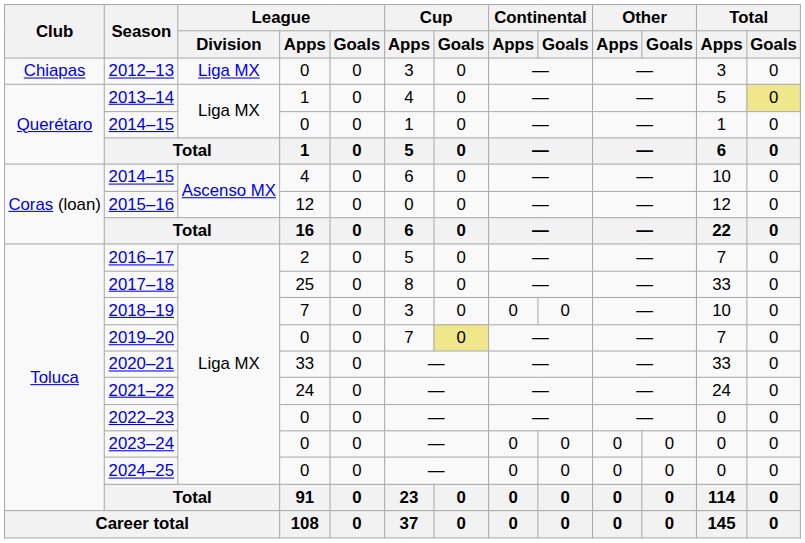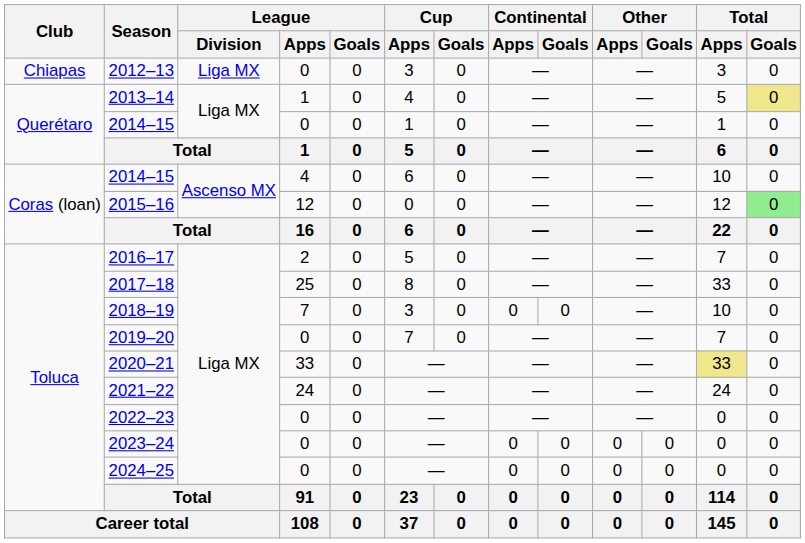 <table class="wikitable" style="text-align:center">
 <tr>
 <th rowspan="2">Club</th>
 <th rowspan="2">Season</th>
 <th colspan="3">League</th>
 <th colspan="2">Cup</th>
 <th colspan="2">Continental</th>
 <th colspan="2">Other</th>
 <th colspan="2">Total</th>
 </tr>
 <tr>
 <th>Division</th>
 <th>Apps</th>
 <th>Goals</th>
 <th>Apps</th>
 <th>Goals</th>
 <th>Apps</th>
 <th>Goals</th>
 <th>Apps</th>
 <th>Goals</th>
 <th>Apps</th>
 <th>Goals</th>
 </tr>
 <tr>
 <td><a href='#'>Chiapas</a></td>
 <td><a href='#'>2012–13</a></td>
 <td><a href='#'>Liga MX</a></td>
 <td>0</td>
 <td>0</td>
 <td>3</td>
 <td>0</td>
 <td colspan="2">—</td>
 <td colspan="2">—</td>
 <td>3</td>
 <td>0</td>
 </tr>
 <tr>
 <td rowspan="3"><a href='#'>Querétaro</a></td>
 <td><a href='#'>2013–14</a></td>
 <td rowspan="2">Liga MX</td>
 <td>1</td>
 <td>0</td>
 <td>4</td>
 <td>0</td>
 <td colspan="2">—</td>
 <td colspan="2">—</td>
 <td>5</td>
 <td style="background: khaki;">0</td>
 </tr>
 <tr>
 <td><a href='#'>2014–15</a></td>
 <td>0</td>
 <td>0</td>
 <td>1</td>
 <td>0</td>
 <td colspan="2">—</td>
 <td colspan="2">—</td>
 <td>1</td>
 <td>0</td>
 </tr>
 <tr>
 <th colspan="2">Total</th>
 <th>1</th>
 <th>0</th>
 <th>5</th>
 <th>0</th>
 <th colspan="2">—</th>
 <th colspan="2">—</th>
 <th>6</th>
 <th>0</th>
 </tr>
 <tr>
 <td rowspan="3"><a href='#'>Coras</a> (loan)</td>
 <td><a href='#'>2014–15</a></td>
 <td rowspan="2"><a href='#'>Ascenso MX</a></td>
 <td>4</td>
 <td>0</td>
 <td>6</td>
 <td>0</td>
 <td colspan="2">—</td>
 <td colspan="2">—</td>
 <td>10</td>
 <td>0</td>
 </tr>
 <tr>
 <td><a href='#'>2015–16</a></td>
 <td>12</td>
 <td>0</td>
 <td>0</td>
 <td>0</td>
 <td colspan="2">—</td>
 <td colspan="2">—</td>
 <td>12</td>
-<td>0</td>
+<td style="background: lightgreen;">0</td>
 </tr>
 <tr>
 <th colspan="2">Total</th>
 <th>16</th>
 <th>0</th>
 <th>6</th>
 <th>0</th>
 <th colspan="2">—</th>
 <th colspan="2">—</th>
 <th>22</th>
 <th>0</th>
 </tr>
 <tr>
 <td rowspan="10"><a href='#'>Toluca</a></td>
 <td><a href='#'>2016–17</a></td>
 <td rowspan="9">Liga MX</td>
 <td>2</td>
 <td>0</td>
 <td>5</td>
 <td>0</td>
 <td colspan="2">—</td>
 <td colspan="2">—</td>
 <td>7</td>
 <td>0</td>
 </tr>
 <tr>
 <td><a href='#'>2017–18</a></td>
 <td>25</td>
 <td>0</td>
 <td>8</td>
 <td>0</td>
 <td colspan="2">—</td>
 <td colspan="2">—</td>
 <td>33</td>
 <td>0</td>
 </tr>
 <tr>
 <td><a href='#'>2018–19</a></td>
 <td>7</td>
 <td>0</td>
 <td>3</td>
 <td>0</td>
 <td>0</td>
 <td>0</td>
 <td colspan="2">—</td>
 <td>10</td>
 <td>0</td>
 </tr>
 <tr>
 <td><a href='#'>2019–20</a></td>
 <td>0</td>
 <td>0</td>
 <td>7</td>
-<td style="background: khaki;">0</td>
+<td>0</td>
 <td colspan="2">—</td>
 <td colspan="2">—</td>
 <td>7</td>
 <td>0</td>
 </tr>
 <tr>
 <td><a href='#'>2020–21</a></td>
 <td>33</td>
 <td>0</td>
 <td colspan="2">—</td>
 <td colspan="2">—</td>
 <td colspan="2">—</td>
-<td>33</td>
+<td style="background: khaki;">33</td>
 <td>0</td>
 </tr>
 <tr>
 <td><a href='#'>2021–22</a></td>
 <td>24</td>
 <td>0</td>
 <td colspan="2">—</td>
 <td colspan="2">—</td>
 <td colspan="2">—</td>
 <td>24</td>
 <td>0</td>
 </tr>
 <tr>
 <td><a href='#'>2022–23</a></td>
 <td>0</td>
 <td>0</td>
 <td colspan="2">—</td>
 <td colspan="2">—</td>
 <td colspan="2">—</td>
 <td>0</td>
 <td>0</td>
 </tr>
 <tr>
 <td><a href='#'>2023–24</a></td>
 <td>0</td>
 <td>0</td>
 <td colspan="2">—</td>
 <td>0</td>
 <td>0</td>
 <td>0</td>
 <td>0</td>
 <td>0</td>
 <td>0</td>
 </tr>
 <tr>
 <td><a href='#'>2024–25</a></td>
 <td>0</td>
 <td>0</td>
 <td colspan="2">—</td>
 <td>0</td>
 <td>0</td>
 <td>0</td>
 <td>0</td>
 <td>0</td>
 <td>0</td>
 </tr>
 <tr>
 <th colspan="2">Total</th>
 <th>91</th>
 <th>0</th>
 <th>23</th>
 <th>0</th>
 <th>0</th>
 <th>0</th>
 <th>0</th>
 <th>0</th>
 <th>114</th>
 <th>0</th>
 </tr>
 <tr>
 <th colspan="3">Career total</th>
 <th>108</th>
 <th>0</th>
 <th>37</th>
 <th>0</th>
 <th>0</th>
 <th>0</th>
 <th>0</th>
 <th>0</th>
 <th>145</th>
 <th>0</th>
 </tr>
 </table>
